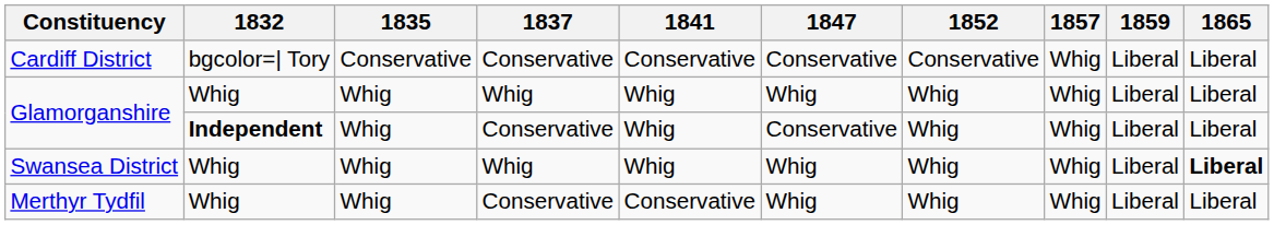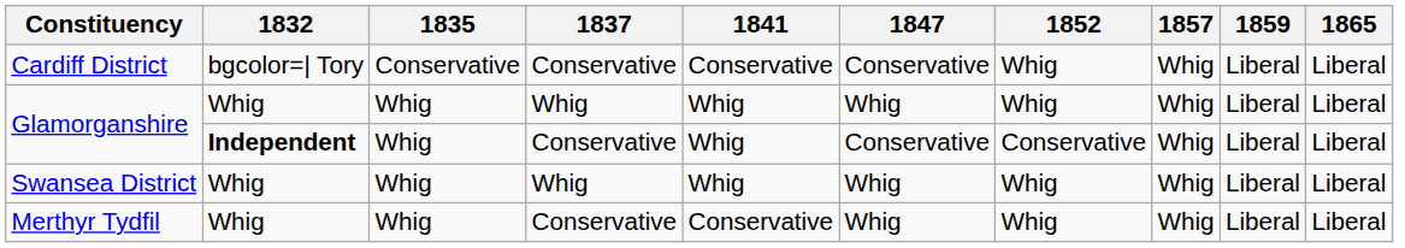 <table class=wikitable sortable>
 <tr>
 <th>Constituency</th>
 <th>1832</th>
 <th>1835</th>
 <th>1837</th>
 <th>1841</th>
 <th>1847</th>
 <th>1852</th>
 <th>1857</th>
 <th>1859</th>
 <th>1865</th>
 </tr>
 <tr>
 <td><a href='#'>Cardiff District</a></td>
 <td bgcolor=>bgcolor=| Tory</td>
 <td bgcolor=>Conservative</td>
 <td bgcolor=>Conservative</td>
 <td bgcolor=>Conservative</td>
 <td bgcolor=>Conservative</td>
-<td bgcolor=>Conservative</td>
+<td bgcolor=>Whig</td>
 <td bgcolor=>Whig</td>
 <td bgcolor=>Liberal</td>
 <td bgcolor=>Liberal</td>
 </tr>
 <tr>
 <td rowspan=2><a href='#'>Glamorganshire</a></td>
 <td bgcolor=>Whig</td>
 <td bgcolor=>Whig</td>
 <td bgcolor=>Whig</td>
 <td bgcolor=>Whig</td>
 <td bgcolor=>Whig</td>
 <td bgcolor=>Whig</td>
 <td bgcolor=>Whig</td>
 <td bgcolor=>Liberal</td>
 <td bgcolor=>Liberal</td>
 </tr>
 <tr>
 <td bgcolor=><strong>Independent</strong></td>
 <td bgcolor=>Whig</td>
 <td bgcolor=>Conservative</td>
 <td bgcolor=>Whig</td>
 <td bgcolor=>Conservative</td>
-<td bgcolor=>Whig</td>
+<td bgcolor=>Conservative</td>
 <td bgcolor=>Whig</td>
 <td bgcolor=>Liberal</td>
 <td bgcolor=>Liberal</td>
 </tr>
 <tr>
 <td><a href='#'>Swansea District</a></td>
 <td bgcolor=>Whig</td>
 <td bgcolor=>Whig</td>
 <td bgcolor=>Whig</td>
 <td bgcolor=>Whig</td>
 <td bgcolor=>Whig</td>
 <td bgcolor=>Whig</td>
 <td bgcolor=>Whig</td>
 <td bgcolor=>Liberal</td>
-<td bgcolor=><strong>Liberal</strong></td>
+<td bgcolor=>Liberal</td>
 </tr>
 <tr>
 <td><a href='#'>Merthyr Tydfil</a></td>
 <td bgcolor=>Whig</td>
 <td bgcolor=>Whig</td>
 <td bgcolor=>Conservative</td>
 <td bgcolor=>Conservative</td>
 <td bgcolor=>Whig</td>
 <td bgcolor=>Whig</td>
 <td bgcolor=>Whig</td>
 <td bgcolor=>Liberal</td>
 <td bgcolor=>Liberal</td>
 </tr>
 </table>
